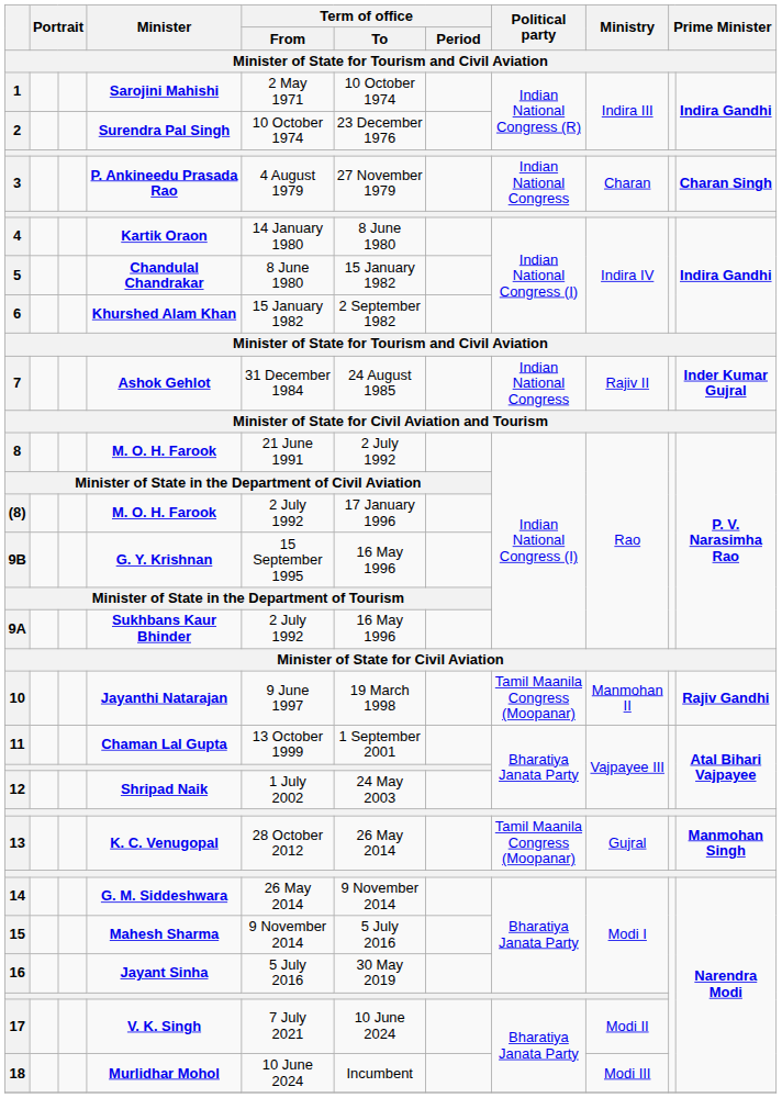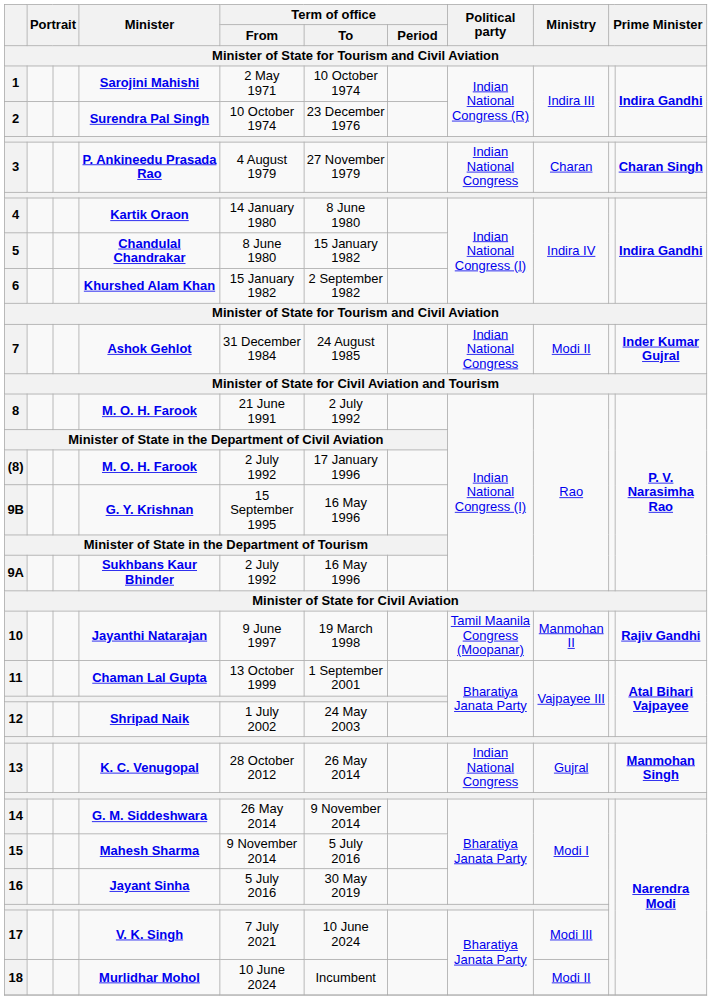 <table class="wikitable" style="text-align:center">
 <tr>
 <th rowspan="2"></th>
 <th rowspan="2" colspan="2">Portrait</th>
 <th rowspan="2" style="width:18em">Minister<br></th>
 <th colspan="3">Term of office</th>
 <th rowspan="2" style="width:8em">Political party</th>
 <th rowspan="2" style="width:6em">Ministry</th>
 <th rowspan="2" colspan="2">Prime Minister</th>
 </tr>
 <tr>
 <th style="width:8em">From</th>
 <th style="width:8em">To</th>
 <th style="width:6em">Period</th>
 </tr>
 <tr>
 <th colspan="11">Minister of State for Tourism and Civil Aviation</th>
 </tr>
 <tr>
 <th>1</th>
 <td style="background:"></td>
 <td></td>
 <td><strong><a href='#'>Sarojini Mahishi</a></strong><br></td>
 <td>2 May<br>1971</td>
 <td>10 October<br>1974</td>
 <td><strong></strong></td>
 <td rowspan="2"><a href='#'>Indian National Congress (R)</a></td>
 <td rowspan="2"><a href='#'>Indira III</a></td>
 <td rowspan="2" style="background:"></td>
 <td rowspan="2" style="width:9em"><strong><a href='#'>Indira Gandhi</a></strong></td>
 </tr>
 <tr>
 <th>2</th>
 <td style="background:"></td>
 <td></td>
 <td><strong><a href='#'>Surendra Pal Singh</a></strong><br></td>
 <td>10 October<br>1974</td>
 <td>23 December<br>1976</td>
 <td><strong></strong></td>
 </tr>
 <tr>
 <th colspan="11"></th>
 </tr>
 <tr>
 <th>3</th>
 <td style="background:"></td>
 <td></td>
 <td><strong><a href='#'>P. Ankineedu Prasada Rao</a></strong><br></td>
 <td>4 August<br>1979</td>
 <td>27 November<br>1979</td>
 <td><strong></strong></td>
 <td><a href='#'>Indian National Congress</a></td>
 <td><a href='#'>Charan</a></td>
 <td style="background:"></td>
 <td><strong><a href='#'>Charan Singh</a></strong></td>
 </tr>
 <tr>
 <th colspan="11"></th>
 </tr>
 <tr>
 <th>4</th>
 <td style="background:"></td>
 <td></td>
 <td><strong><a href='#'>Kartik Oraon</a></strong><br></td>
 <td>14 January<br>1980</td>
 <td>8 June<br>1980</td>
 <td><strong></strong></td>
 <td rowspan="3"><a href='#'>Indian National Congress (I)</a></td>
 <td rowspan="3"><a href='#'>Indira IV</a></td>
 <td rowspan="3" style="background:"></td>
 <td rowspan="3"><strong><a href='#'>Indira Gandhi</a></strong></td>
 </tr>
 <tr>
 <th>5</th>
 <td style="background:"></td>
 <td></td>
 <td><strong><a href='#'>Chandulal Chandrakar</a></strong><br></td>
 <td>8 June<br>1980</td>
 <td>15 January<br>1982</td>
 <td><strong></strong></td>
 </tr>
 <tr>
 <th>6</th>
 <td style="background:"></td>
 <td></td>
 <td><strong><a href='#'>Khurshed Alam Khan</a></strong><br></td>
 <td>15 January<br>1982</td>
 <td>2 September<br>1982</td>
 <td><strong></strong></td>
 </tr>
 <tr>
 <th colspan="11">Minister of State for Tourism and Civil Aviation</th>
 </tr>
 <tr>
 <th>7</th>
 <td style="background:"></td>
 <td></td>
 <td><strong><a href='#'>Ashok Gehlot</a></strong><br></td>
 <td>31 December<br>1984</td>
 <td>24 August<br>1985</td>
 <td><strong></strong></td>
 <td><a href='#'>Indian National Congress</a></td>
-<td><a href='#'>Rajiv II</a></td>
+<td><a href='#'>Modi II</a></td>
 <td style="background:"></td>
 <td><strong><a href='#'>Inder Kumar Gujral</a></strong></td>
 </tr>
 <tr>
 <th colspan="11">Minister of State for Civil Aviation and Tourism</th>
 </tr>
 <tr>
 <th>8</th>
 <td style="background:"></td>
 <td></td>
 <td><strong><a href='#'>M. O. H. Farook</a></strong><br></td>
 <td>21 June<br>1991</td>
 <td>2 July<br>1992</td>
 <td><strong></strong></td>
 <td rowspan="6"><a href='#'>Indian National Congress (I)</a></td>
 <td rowspan="6"><a href='#'>Rao</a></td>
 <td rowspan="6" style="background:"></td>
 <td rowspan="6"><strong><a href='#'>P. V. Narasimha Rao</a></strong></td>
 </tr>
 <tr>
 <th colspan="7">Minister of State in the Department of Civil Aviation</th>
 </tr>
 <tr>
 <th>(8)</th>
 <td style="background:"></td>
 <td></td>
 <td><strong><a href='#'>M. O. H. Farook</a></strong><br></td>
 <td>2 July<br>1992</td>
 <td>17 January<br>1996</td>
 <td><strong></strong></td>
 </tr>
 <tr>
 <th>9B</th>
 <td style="background:"></td>
 <td></td>
 <td><strong><a href='#'>G. Y. Krishnan</a></strong><br></td>
 <td>15 September<br>1995</td>
 <td>16 May<br>1996</td>
 <td><strong></strong></td>
 </tr>
 <tr>
 <th colspan="7">Minister of State in the Department of Tourism</th>
 </tr>
 <tr>
 <th>9A</th>
 <td style="background:"></td>
 <td></td>
 <td><strong><a href='#'>Sukhbans Kaur Bhinder</a></strong><br></td>
 <td>2 July<br>1992</td>
 <td>16 May<br>1996</td>
 <td><strong></strong></td>
 </tr>
 <tr>
 <th colspan="11">Minister of State for Civil Aviation</th>
 </tr>
 <tr>
 <th>10</th>
 <td style="background:"></td>
 <td></td>
 <td><strong><a href='#'>Jayanthi Natarajan</a></strong><br></td>
 <td>9 June<br>1997</td>
 <td>19 March<br>1998</td>
 <td><strong></strong></td>
 <td><a href='#'>Tamil Maanila Congress (Moopanar)</a></td>
 <td><a href='#'>Manmohan II</a></td>
 <td style="background:"></td>
 <td><strong><a href='#'>Rajiv Gandhi</a></strong></td>
 </tr>
 <tr>
 <th>11</th>
 <td style="background:"></td>
 <td></td>
 <td><strong><a href='#'>Chaman Lal Gupta</a></strong><br></td>
 <td>13 October<br>1999</td>
 <td>1 September<br>2001</td>
 <td><strong></strong></td>
 <td rowspan="3"><a href='#'>Bharatiya Janata Party</a></td>
 <td rowspan="3"><a href='#'>Vajpayee III</a></td>
 <td rowspan="3" style="background:"></td>
 <td rowspan="3"><strong><a href='#'>Atal Bihari Vajpayee</a></strong></td>
 </tr>
 <tr>
 <th colspan="7"></th>
 </tr>
 <tr>
 <th>12</th>
 <td style="background:"></td>
 <td></td>
 <td><strong><a href='#'>Shripad Naik</a></strong><br></td>
 <td>1 July<br>2002</td>
 <td>24 May<br>2003</td>
 <td><strong></strong></td>
 </tr>
 <tr>
 <th colspan="11"></th>
 </tr>
 <tr>
 <th>13</th>
 <td style="background:"></td>
 <td></td>
 <td><strong><a href='#'>K. C. Venugopal</a></strong><br></td>
 <td>28 October<br>2012</td>
 <td>26 May<br>2014</td>
 <td><strong></strong></td>
-<td><a href='#'>Tamil Maanila Congress (Moopanar)</a></td>
+<td><a href='#'>Indian National Congress</a></td>
 <td><a href='#'>Gujral</a></td>
 <td style="background:"></td>
 <td><strong><a href='#'>Manmohan Singh</a></strong></td>
 </tr>
 <tr>
 <th colspan="11"></th>
 </tr>
 <tr>
 <th>14</th>
 <td style="background:"></td>
 <td></td>
 <td><strong><a href='#'>G. M. Siddeshwara</a></strong><br></td>
 <td>26 May<br>2014</td>
 <td>9 November<br>2014</td>
 <td><strong></strong></td>
 <td rowspan="3"><a href='#'>Bharatiya Janata Party</a></td>
 <td rowspan="3"><a href='#'>Modi I</a></td>
 <td rowspan="6" style="background:"></td>
 <td rowspan="6"><strong><a href='#'>Narendra Modi</a></strong></td>
 </tr>
 <tr>
 <th>15</th>
 <td style="background:"></td>
 <td></td>
 <td><strong><a href='#'>Mahesh Sharma</a></strong><br></td>
 <td>9 November<br>2014</td>
 <td>5 July<br>2016</td>
 <td><strong></strong></td>
 </tr>
 <tr>
 <th>16</th>
 <td style="background:"></td>
 <td></td>
 <td><strong><a href='#'>Jayant Sinha</a></strong><br></td>
 <td>5 July<br>2016</td>
 <td>30 May<br>2019</td>
 <td><strong></strong></td>
 </tr>
 <tr>
 <th colspan="9"></th>
 </tr>
 <tr>
 <th>17</th>
 <td style="background:"></td>
 <td></td>
 <td><br><strong><a href='#'>V. K. Singh</a></strong> <br><br></td>
 <td>7 July<br>2021</td>
 <td>10 June 2024</td>
 <td><strong></strong></td>
 <td rowspan="2"><a href='#'>Bharatiya Janata Party</a></td>
-<td><a href='#'>Modi II</a></td>
+<td><a href='#'>Modi III</a></td>
 </tr>
 <tr>
 <th>18</th>
 <td style="background:"></td>
 <td></td>
 <td><strong><a href='#'>Murlidhar Mohol</a></strong><br></td>
 <td>10 June<br>2024</td>
 <td>Incumbent</td>
 <td><strong></strong></td>
-<td><a href='#'>Modi III</a></td>
+<td><a href='#'>Modi II</a></td>
 </tr>
 <tr>
 </tr>
 </table>
